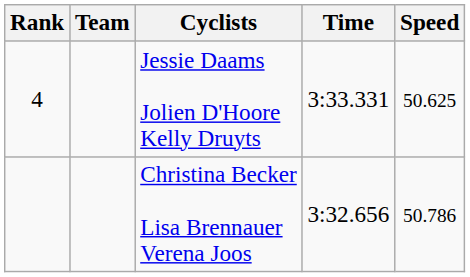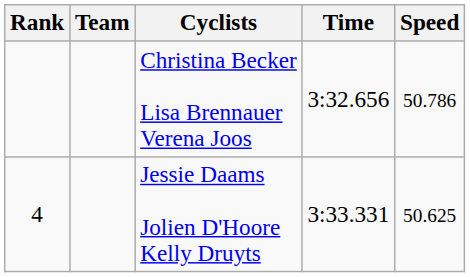 <table class="wikitable sortable" style="text-align:center;">
 <tr>
 <th>Rank</th>
 <th>Team</th>
 <th class="unsortable">Cyclists</th>
 <th>Time</th>
 <th>Speed</th>
 </tr>
 <tr>
+<td align=center></td>
+<td align=left></td>
+<td align=left><a href='#'>Christina Becker</a> <br><br><a href='#'>Lisa Brennauer</a> <br> <a href='#'>Verena Joos</a></td>
+<td>3:32.656</td>
+<td><small>50.786</small></td>
+</tr>
+<tr>
 <td align=center>4</td>
 <td align=left></td>
 <td align=left><a href='#'>Jessie Daams</a> <br><br><a href='#'>Jolien D'Hoore</a> <br> <a href='#'>Kelly Druyts</a></td>
 <td>3:33.331</td>
 <td><small>50.625</small></td>
 </tr>
-<tr>
-<td align=center></td>
-<td align=left></td>
-<td align=left><a href='#'>Christina Becker</a> <br><br><a href='#'>Lisa Brennauer</a> <br> <a href='#'>Verena Joos</a></td>
-<td>3:32.656</td>
-<td><small>50.786</small></td>
-</tr>
 </table>
